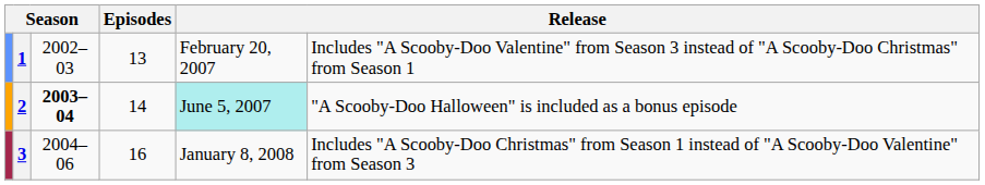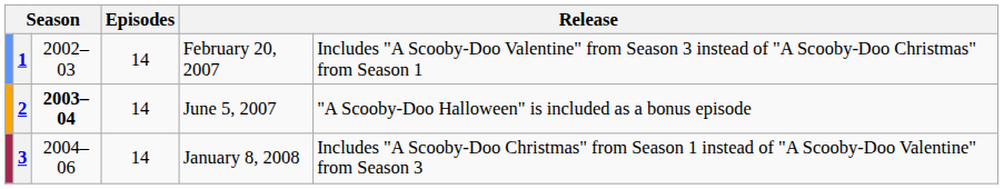 <table class="wikitable">
 <tr>
 <th colspan=3 rowspan=1>Season</th>
 <th rowspan=1>Episodes</th>
 <th colspan=2>Release</th>
 </tr>
 <tr>
 <th style="background:#5C93FF"></th>
 <th><a href='#'>1</a></th>
 <td style="text-align: center">2002–03</td>
-<td style="text-align: center">13</td>
+<td style="text-align: center">14</td>
 <td>February 20, 2007</td>
 <td>Includes "A Scooby-Doo Valentine" from Season 3 instead of "A Scooby-Doo Christmas" from Season 1</td>
 </tr>
 <tr>
 <th style="background:#FFA500"></th>
 <th><a href='#'>2</a></th>
 <td style="text-align: center"><strong>2003–04</strong></td>
 <td style="text-align: center">14</td>
-<td style="background: paleturquoise;">June 5, 2007</td>
+<td>June 5, 2007</td>
 <td>"A Scooby-Doo Halloween" is included as a bonus episode</td>
 </tr>
 <tr>
 <th style="background:#A4264C"></th>
 <th><a href='#'>3</a></th>
 <td style="text-align: center">2004–06</td>
-<td style="text-align: center">16</td>
+<td style="text-align: center">14</td>
 <td>January 8, 2008</td>
 <td>Includes "A Scooby-Doo Christmas" from Season 1 instead of "A Scooby-Doo Valentine" from Season 3</td>
 </tr>
 </table>
